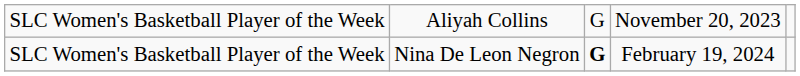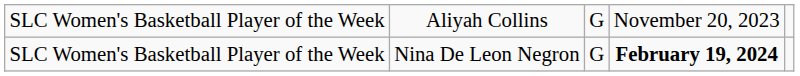 <table class="wikitable" style="text-align: center;">
 <tr align="center">
 <td rowspan="1">SLC Women's Basketball Player of the Week</td>
 <td>Aliyah Collins</td>
 <td>G</td>
 <td>November 20, 2023</td>
 <td></td>
 </tr>
 <tr align="center">
 <td rowspan="1">SLC Women's Basketball Player of the Week</td>
 <td>Nina De Leon Negron</td>
-<td><strong>G</strong></td>
-<td>February 19, 2024</td>
+<td>G</td>
+<td><strong>February 19, 2024</strong></td>
 <td></td>
 </tr>
 </table>
